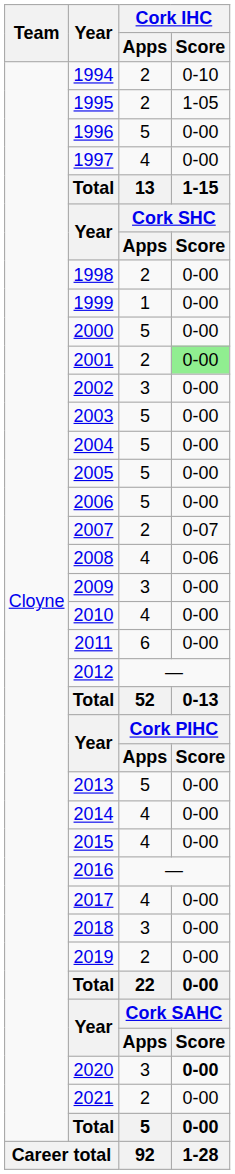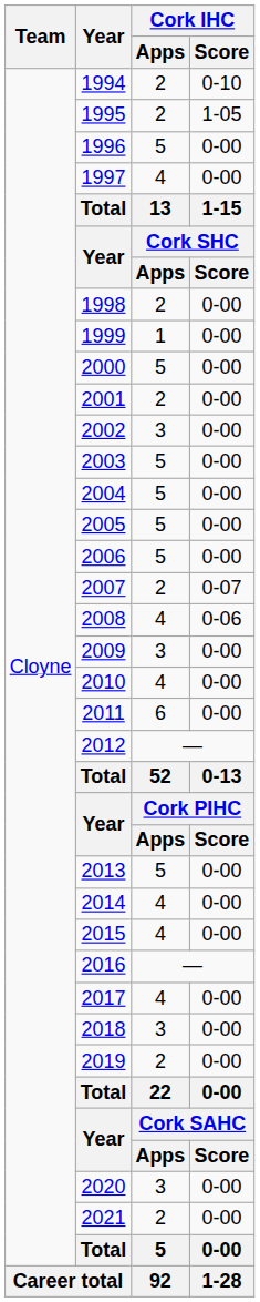 <table class="wikitable" style="text-align:center">
 <tr>
 <th rowspan="2">Team</th>
 <th rowspan="2">Year</th>
 <th colspan="2"><a href='#'>Cork IHC</a></th>
 </tr>
 <tr>
 <th>Apps</th>
 <th>Score</th>
 </tr>
 <tr>
 <td rowspan="38"><a href='#'>Cloyne</a></td>
 <td><a href='#'>1994</a></td>
 <td>2</td>
 <td>0-10</td>
 </tr>
 <tr>
 <td><a href='#'>1995</a></td>
 <td>2</td>
 <td>1-05</td>
 </tr>
 <tr>
 <td><a href='#'>1996</a></td>
 <td>5</td>
 <td>0-00</td>
 </tr>
 <tr>
 <td><a href='#'>1997</a></td>
 <td>4</td>
 <td>0-00</td>
 </tr>
 <tr>
 <th>Total</th>
 <th>13</th>
 <th>1-15</th>
 </tr>
 <tr>
 <th rowspan=2>Year</th>
 <th colspan=2><a href='#'>Cork SHC</a></th>
 </tr>
 <tr>
 <th>Apps</th>
 <th>Score</th>
 </tr>
 <tr>
 <td><a href='#'>1998</a></td>
 <td>2</td>
 <td>0-00</td>
 </tr>
 <tr>
 <td><a href='#'>1999</a></td>
 <td>1</td>
 <td>0-00</td>
 </tr>
 <tr>
 <td><a href='#'>2000</a></td>
 <td>5</td>
 <td>0-00</td>
 </tr>
 <tr>
 <td><a href='#'>2001</a></td>
 <td>2</td>
-<td style="background: lightgreen;">0-00</td>
+<td>0-00</td>
 </tr>
 <tr>
 <td><a href='#'>2002</a></td>
 <td>3</td>
 <td>0-00</td>
 </tr>
 <tr>
 <td><a href='#'>2003</a></td>
 <td>5</td>
 <td>0-00</td>
 </tr>
 <tr>
 <td><a href='#'>2004</a></td>
 <td>5</td>
 <td>0-00</td>
 </tr>
 <tr>
 <td><a href='#'>2005</a></td>
 <td>5</td>
 <td>0-00</td>
 </tr>
 <tr>
 <td><a href='#'>2006</a></td>
 <td>5</td>
 <td>0-00</td>
 </tr>
 <tr>
 <td><a href='#'>2007</a></td>
 <td>2</td>
 <td>0-07</td>
 </tr>
 <tr>
 <td><a href='#'>2008</a></td>
 <td>4</td>
 <td>0-06</td>
 </tr>
 <tr>
 <td><a href='#'>2009</a></td>
 <td>3</td>
 <td>0-00</td>
 </tr>
 <tr>
 <td><a href='#'>2010</a></td>
 <td>4</td>
 <td>0-00</td>
 </tr>
 <tr>
 <td><a href='#'>2011</a></td>
 <td>6</td>
 <td>0-00</td>
 </tr>
 <tr>
 <td><a href='#'>2012</a></td>
 <td colspan=2>—</td>
 </tr>
 <tr>
 <th>Total</th>
 <th>52</th>
 <th>0-13</th>
 </tr>
 <tr>
 <th rowspan=2>Year</th>
 <th colspan=2><a href='#'>Cork PIHC</a></th>
 </tr>
 <tr>
 <th>Apps</th>
 <th>Score</th>
 </tr>
 <tr>
 <td><a href='#'>2013</a></td>
 <td>5</td>
 <td>0-00</td>
 </tr>
 <tr>
 <td><a href='#'>2014</a></td>
 <td>4</td>
 <td>0-00</td>
 </tr>
 <tr>
 <td><a href='#'>2015</a></td>
 <td>4</td>
 <td>0-00</td>
 </tr>
 <tr>
 <td><a href='#'>2016</a></td>
 <td colspan=2>—</td>
 </tr>
 <tr>
 <td><a href='#'>2017</a></td>
 <td>4</td>
 <td>0-00</td>
 </tr>
 <tr>
 <td><a href='#'>2018</a></td>
 <td>3</td>
 <td>0-00</td>
 </tr>
 <tr>
 <td><a href='#'>2019</a></td>
 <td>2</td>
 <td>0-00</td>
 </tr>
 <tr>
 <th>Total</th>
 <th>22</th>
 <th>0-00</th>
 </tr>
 <tr>
 <th rowspan=2>Year</th>
 <th colspan=2><a href='#'>Cork SAHC</a></th>
 </tr>
 <tr>
 <th>Apps</th>
 <th>Score</th>
 </tr>
 <tr>
 <td><a href='#'>2020</a></td>
 <td>3</td>
-<td><strong>0-00</strong></td>
+<td>0-00</td>
 </tr>
 <tr>
 <td><a href='#'>2021</a></td>
 <td>2</td>
 <td>0-00</td>
 </tr>
 <tr>
 <th>Total</th>
 <th>5</th>
 <th>0-00</th>
 </tr>
 <tr>
 <th colspan="2">Career total</th>
 <th>92</th>
 <th>1-28</th>
 </tr>
 </table>
